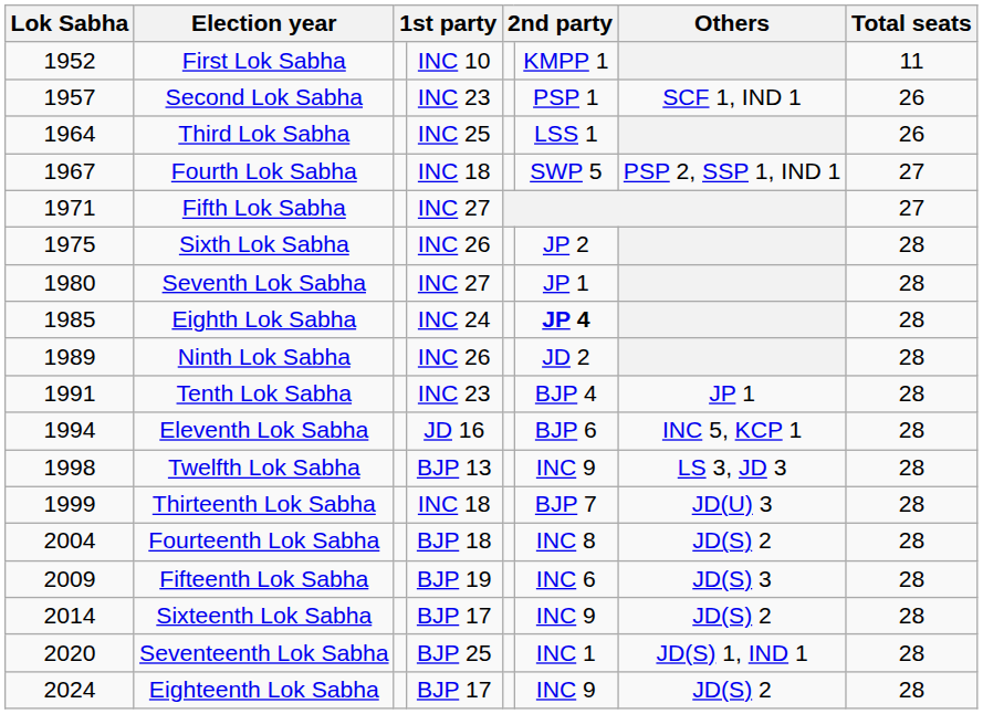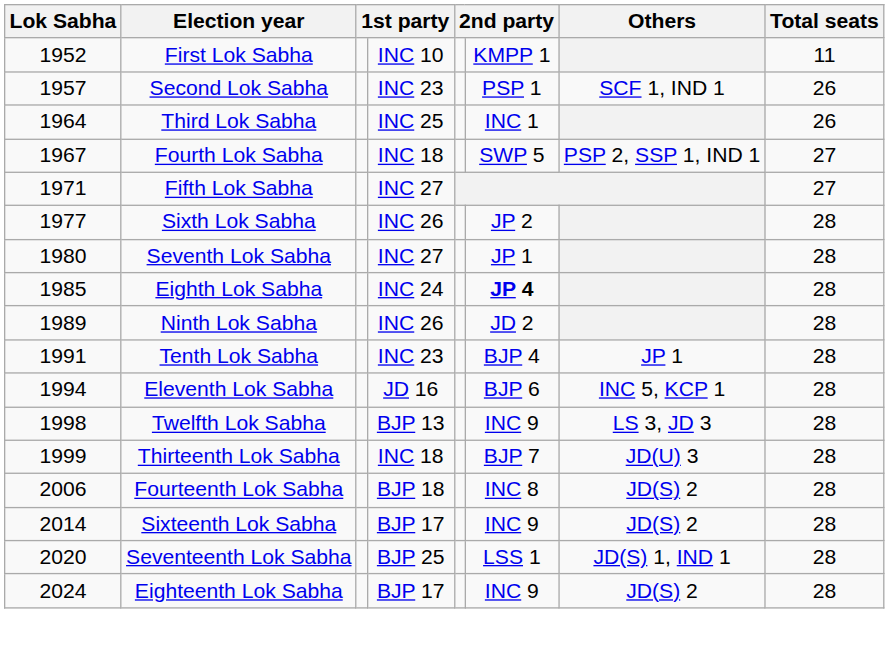 <table class="wikitable" style="text-align:center">
 <tr>
 <th>Lok Sabha</th>
 <th>Election year</th>
 <th colspan="2">1st party</th>
 <th colspan="2">2nd party</th>
 <th>Others</th>
 <th>Total seats</th>
 </tr>
 <tr>
 <td>1952</td>
 <td><a href='#'>First Lok Sabha</a></td>
 <td style="background-color: "></td>
 <td><a href='#'>INC</a> 10</td>
 <td style="background-color: "></td>
 <td><a href='#'>KMPP</a> 1</td>
 <th></th>
 <td>11</td>
 </tr>
 <tr>
 <td>1957</td>
 <td><a href='#'>Second Lok Sabha</a></td>
 <td style="background-color: "></td>
 <td><a href='#'>INC</a> 23</td>
 <td style="background-color: "></td>
 <td><a href='#'>PSP</a> 1</td>
 <td><a href='#'>SCF</a> 1, IND 1</td>
 <td>26</td>
 </tr>
 <tr>
 <td>1964</td>
 <td><a href='#'>Third Lok Sabha</a></td>
 <td style="background-color: "></td>
 <td><a href='#'>INC</a> 25</td>
 <td style="background-color: "></td>
-<td><a href='#'>LSS</a> 1</td>
+<td><a href='#'>INC</a> 1</td>
 <th></th>
 <td>26</td>
 </tr>
 <tr>
 <td>1967</td>
 <td><a href='#'>Fourth Lok Sabha</a></td>
 <td style="background-color: "></td>
 <td><a href='#'>INC</a> 18</td>
 <td style="background-color: "></td>
 <td><a href='#'>SWP</a> 5</td>
 <td><a href='#'>PSP</a> 2, <a href='#'>SSP</a> 1, IND 1</td>
 <td>27</td>
 </tr>
 <tr>
 <td>1971</td>
 <td><a href='#'>Fifth Lok Sabha</a></td>
 <td style="background-color: "></td>
 <td><a href='#'>INC</a> 27</td>
 <th colspan="3"></th>
 <td>27</td>
 </tr>
 <tr>
-<td>1975</td>
+<td>1977</td>
 <td><a href='#'>Sixth Lok Sabha</a></td>
 <td style="background-color: "></td>
 <td><a href='#'>INC</a> 26</td>
 <td style="background-color: "></td>
 <td><a href='#'>JP</a> 2</td>
 <th></th>
 <td>28</td>
 </tr>
 <tr>
 <td>1980</td>
 <td><a href='#'>Seventh Lok Sabha</a></td>
 <td style="background-color: "></td>
 <td><a href='#'>INC</a> 27</td>
 <td style="background-color: "></td>
 <td><a href='#'>JP</a> 1</td>
 <th></th>
 <td>28</td>
 </tr>
 <tr>
 <td>1985</td>
 <td><a href='#'>Eighth Lok Sabha</a></td>
 <td style="background-color: "></td>
 <td><a href='#'>INC</a> 24</td>
 <td style="background-color: "></td>
 <td><strong><a href='#'>JP</a> 4</strong></td>
 <th></th>
 <td>28</td>
 </tr>
 <tr>
 <td>1989</td>
 <td><a href='#'>Ninth Lok Sabha</a></td>
 <td style="background-color: "></td>
 <td><a href='#'>INC</a> 26</td>
 <td style="background-color: "></td>
 <td><a href='#'>JD</a> 2</td>
 <th></th>
 <td>28</td>
 </tr>
 <tr>
 <td>1991</td>
 <td><a href='#'>Tenth Lok Sabha</a></td>
 <td style="background-color: "></td>
 <td><a href='#'>INC</a> 23</td>
 <td style="background-color: "></td>
 <td><a href='#'>BJP</a> 4</td>
 <td><a href='#'>JP</a> 1</td>
 <td>28</td>
 </tr>
 <tr>
 <td>1994</td>
 <td><a href='#'>Eleventh Lok Sabha</a></td>
 <td style="background-color: "></td>
 <td><a href='#'>JD</a> 16</td>
 <td style="background-color: "></td>
 <td><a href='#'>BJP</a> 6</td>
 <td><a href='#'>INC</a> 5, <a href='#'>KCP</a> 1</td>
 <td>28</td>
 </tr>
 <tr>
 <td>1998</td>
 <td><a href='#'>Twelfth Lok Sabha</a></td>
 <td style="background-color: "></td>
 <td><a href='#'>BJP</a> 13</td>
 <td style="background-color: "></td>
 <td><a href='#'>INC</a> 9</td>
 <td><a href='#'>LS</a> 3, <a href='#'>JD</a> 3</td>
 <td>28</td>
 </tr>
 <tr>
 <td>1999</td>
 <td><a href='#'>Thirteenth Lok Sabha</a></td>
 <td style="background-color: "></td>
 <td><a href='#'>INC</a> 18</td>
 <td style="background-color: "></td>
 <td><a href='#'>BJP</a> 7</td>
 <td><a href='#'>JD(U)</a> 3</td>
 <td>28</td>
 </tr>
 <tr>
-<td>2004</td>
+<td>2006</td>
 <td><a href='#'>Fourteenth Lok Sabha</a></td>
 <td style="background-color: "></td>
 <td><a href='#'>BJP</a> 18</td>
 <td style="background-color: "></td>
 <td><a href='#'>INC</a> 8</td>
 <td><a href='#'>JD(S)</a> 2</td>
-<td>28</td>
-</tr>
-<tr>
-<td>2009</td>
-<td><a href='#'>Fifteenth Lok Sabha</a></td>
-<td style="background-color: "></td>
-<td><a href='#'>BJP</a> 19</td>
-<td style="background-color: "></td>
-<td><a href='#'>INC</a> 6</td>
-<td><a href='#'>JD(S)</a> 3</td>
 <td>28</td>
 </tr>
 <tr>
 <td>2014</td>
 <td><a href='#'>Sixteenth Lok Sabha</a></td>
 <td style="background-color: "></td>
 <td><a href='#'>BJP</a> 17</td>
 <td style="background-color: "></td>
 <td><a href='#'>INC</a> 9</td>
 <td><a href='#'>JD(S)</a> 2</td>
 <td>28</td>
 </tr>
 <tr>
 <td>2020</td>
 <td><a href='#'>Seventeenth Lok Sabha</a></td>
 <td style="background-color: "></td>
 <td><a href='#'>BJP</a> 25</td>
 <td style="background-color: "></td>
-<td><a href='#'>INC</a> 1</td>
+<td><a href='#'>LSS</a> 1</td>
 <td><a href='#'>JD(S)</a> 1, <a href='#'>IND</a> 1</td>
 <td>28</td>
 </tr>
 <tr>
 <td>2024</td>
 <td><a href='#'>Eighteenth Lok Sabha</a></td>
 <td style="background-color: "></td>
 <td><a href='#'>BJP</a> 17</td>
 <td style="background-color: "></td>
 <td><a href='#'>INC</a> 9</td>
 <td><a href='#'>JD(S)</a> 2</td>
 <td>28</td>
 </tr>
 </table>
